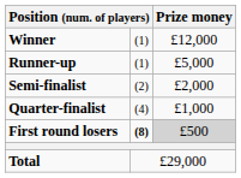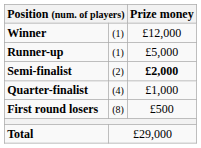 <table class="wikitable">
 <tr>
 <th colspan="2">Position <small>(num. of players)</small></th>
 <th>Prize money</th>
 </tr>
 <tr>
 <td><strong>Winner</strong></td>
 <td align="center"><small>(1)</small></td>
 <td align="center">£12,000</td>
 </tr>
 <tr>
 <td><strong>Runner-up</strong></td>
 <td align="center"><small>(1)</small></td>
 <td align="center">£5,000</td>
 </tr>
 <tr>
 <td><strong>Semi-finalist</strong></td>
 <td align="center"><small>(2)</small></td>
-<td align="center">£2,000</td>
+<td align="center"><strong>£2,000</strong></td>
 </tr>
 <tr>
 <td><strong>Quarter-finalist</strong></td>
 <td align="center"><small>(4)</small></td>
 <td align="center">£1,000</td>
 </tr>
 <tr>
 <td><strong>First round losers</strong></td>
-<td align="center"><strong><small>(8)</small></strong></td>
-<td align="center" style="background: lightgrey;">£500</td>
+<td align="center"><small>(8)</small></td>
+<td align="center">£500</td>
 </tr>
 <tr>
 <th colspan="3"></th>
 </tr>
 <tr>
 <td><strong>Total</strong></td>
 <td colspan="2" align="center">£29,000</td>
 </tr>
 </table>
